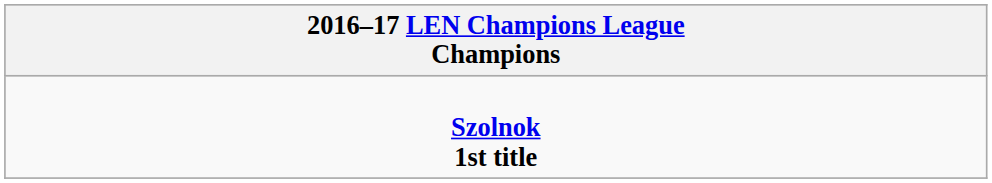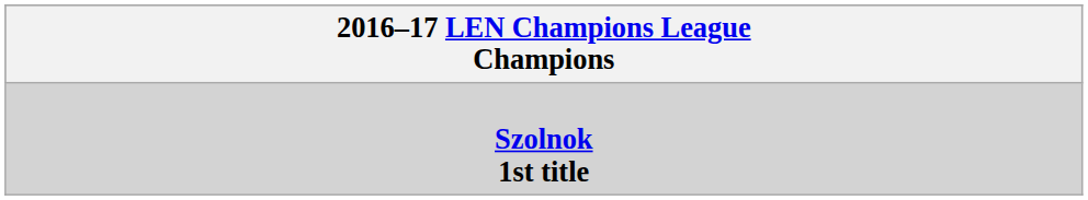 <table class="wikitable" style="margin: 0 auto; width: 30%;">
 <tr>
 <th>2016–17 <a href='#'>LEN Champions League</a><br>Champions</th>
 </tr>
 <tr>
-<td align="center"><br><strong><a href='#'>Szolnok</a></strong><br><strong>1st title</strong></td>
+<td align="center" style="background: lightgrey;"><br><strong><a href='#'>Szolnok</a></strong><br><strong>1st title</strong></td>
 </tr>
 </table>
